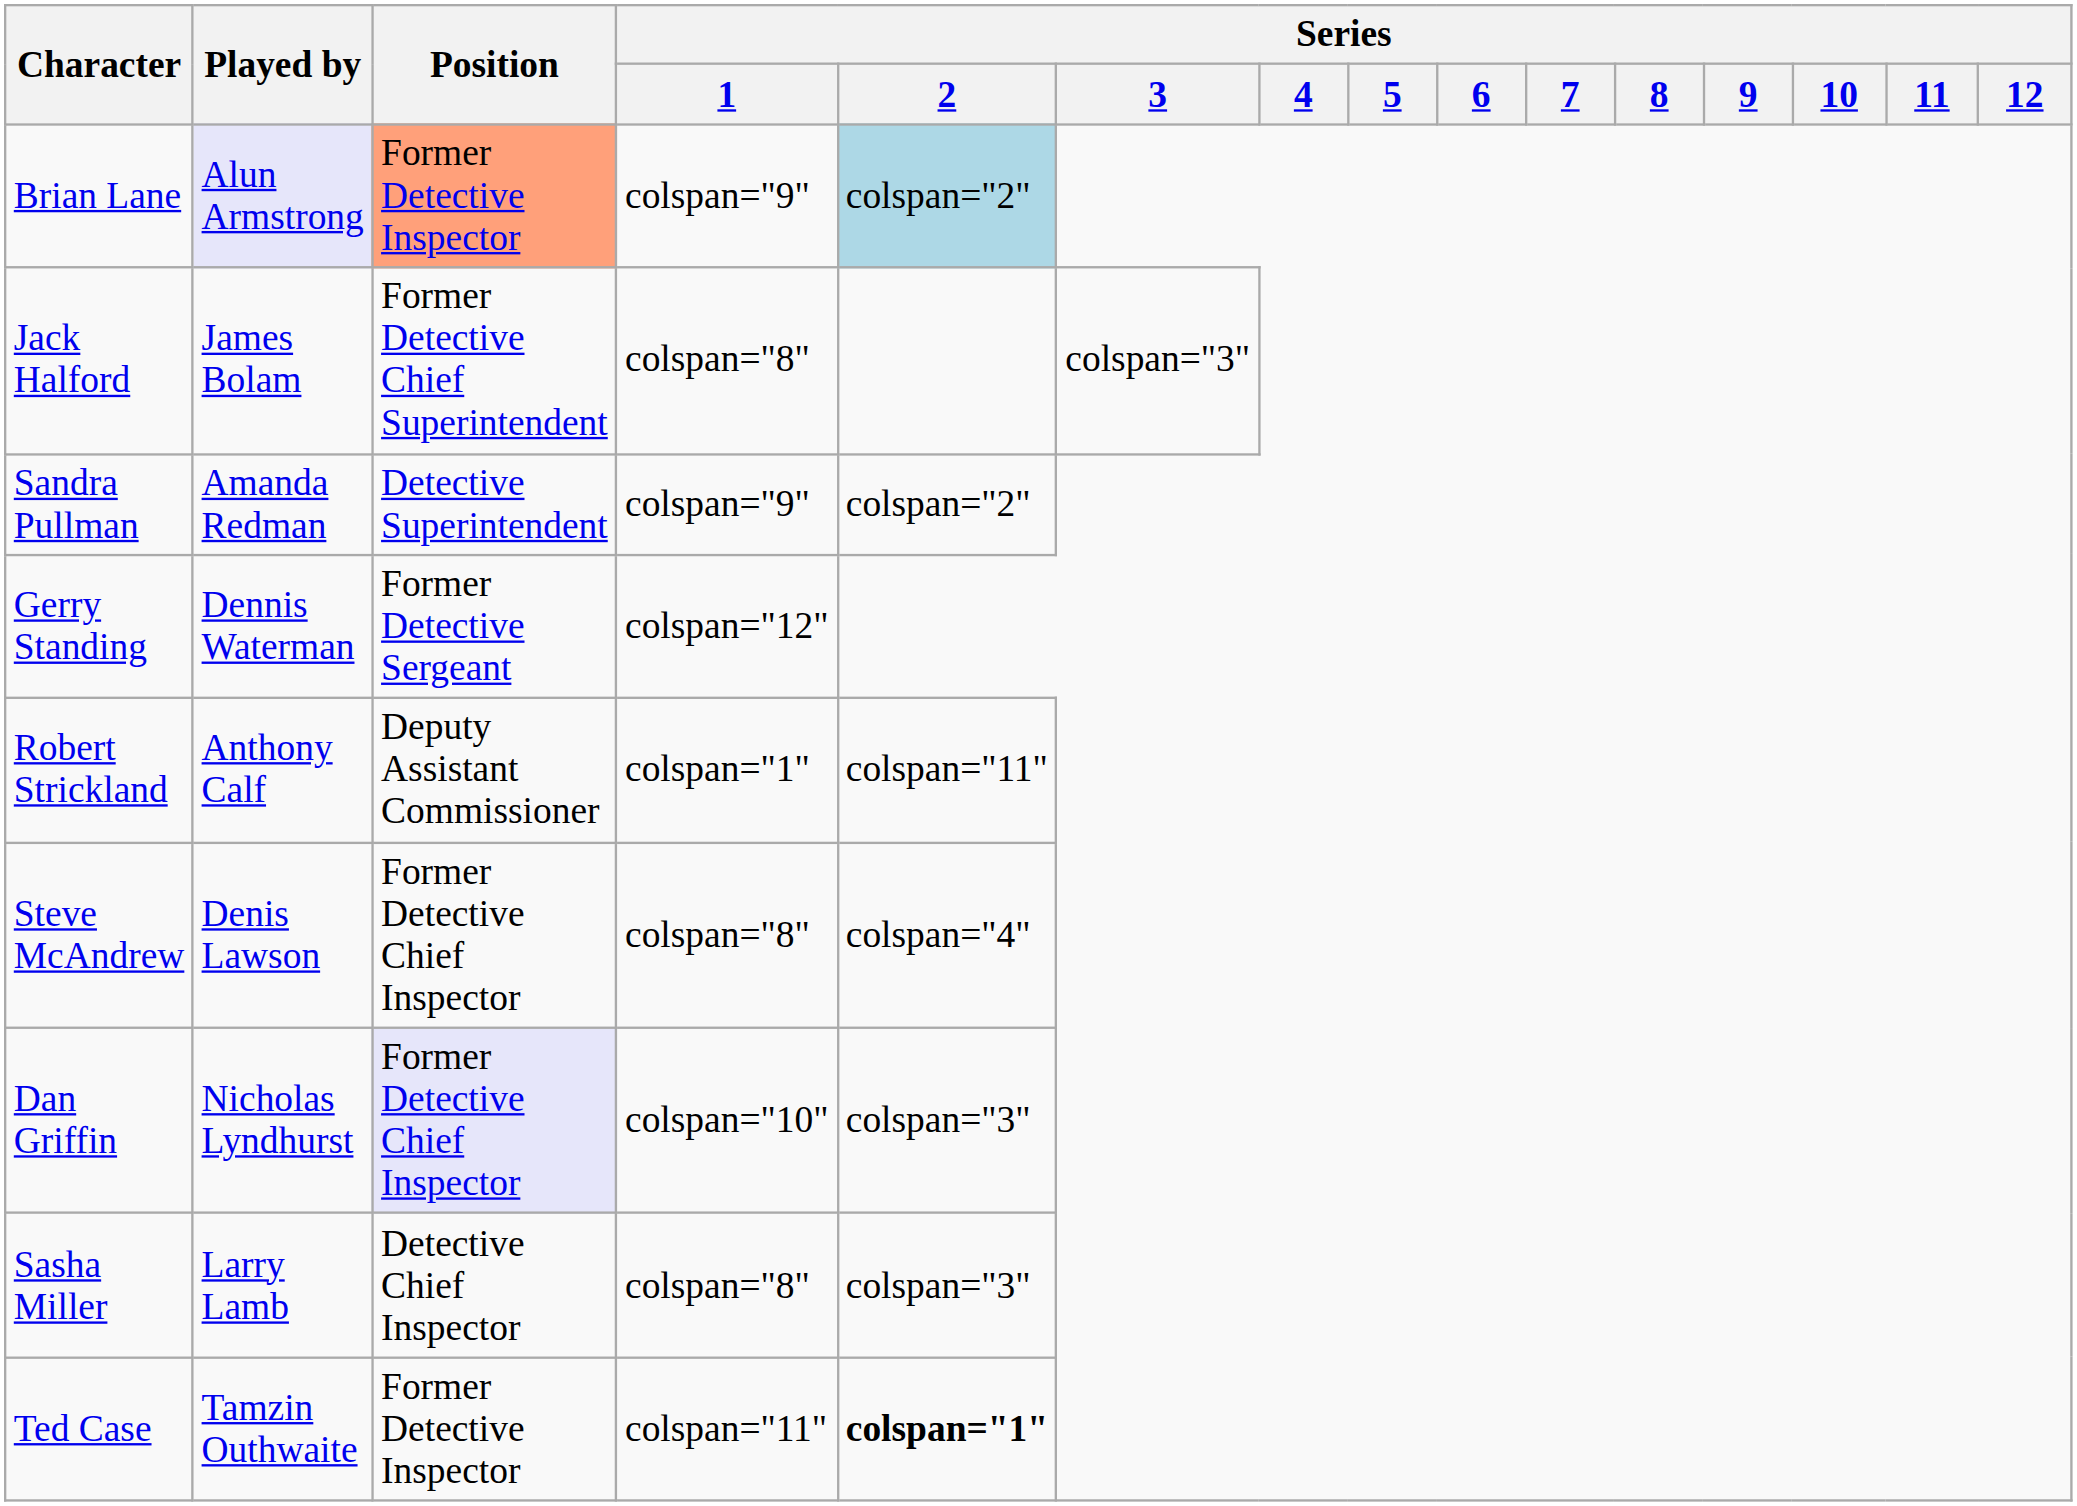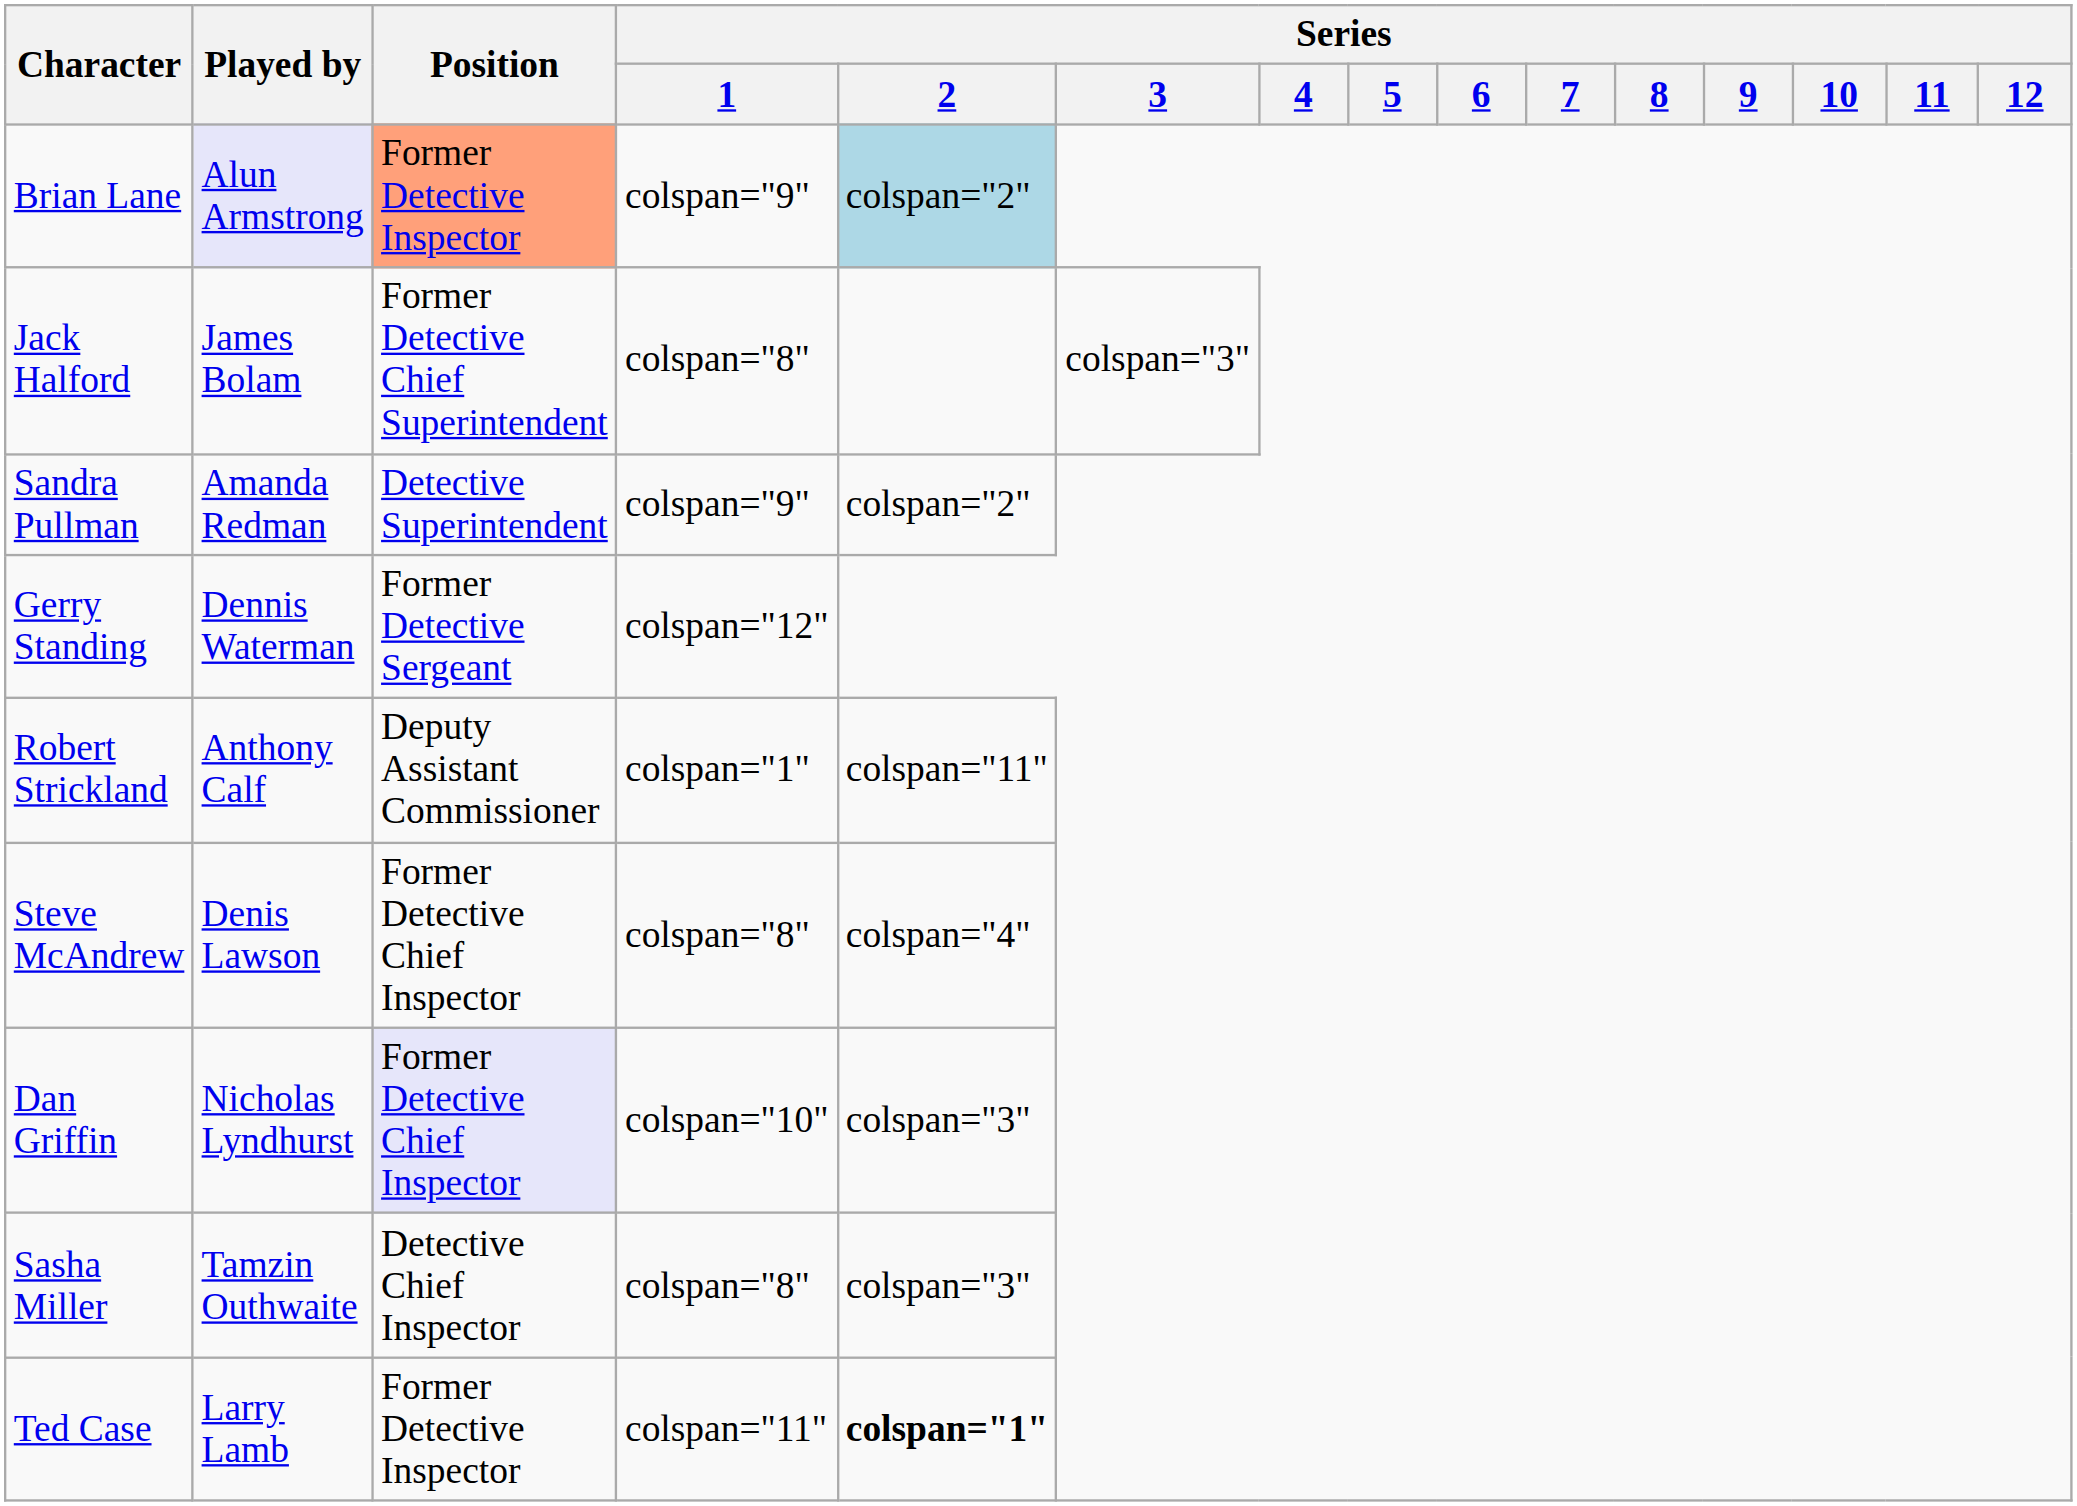 <table class="wikitable" width="100%">
 <tr>
 <th rowspan="2">Character</th>
 <th ! rowspan="2">Played by</th>
 <th ! rowspan="2">Position</th>
 <th ! colspan="12">Series</th>
 </tr>
 <tr>
 <th width="5%"><strong><a href='#'>1</a></strong></th>
 <th width="5%"><a href='#'>2</a></th>
 <th width="5%"><a href='#'>3</a></th>
 <th width="5%"><a href='#'>4</a></th>
 <th width="5%"><a href='#'>5</a></th>
 <th width="5%"><a href='#'>6</a></th>
 <th width="5%"><a href='#'>7</a></th>
 <th width="5%"><a href='#'>8</a></th>
 <th width="5%"><a href='#'>9</a></th>
 <th width="5%"><a href='#'>10</a></th>
 <th width="5%"><a href='#'>11</a></th>
 <th width="5%"><a href='#'>12</a></th>
 </tr>
 <tr>
 <td><a href='#'>Brian Lane</a></td>
 <td style="background: lavender;"><a href='#'>Alun Armstrong</a></td>
 <td style="background: lightsalmon;">Former <a href='#'>Detective Inspector</a></td>
 <td>colspan="9" </td>
 <td style="background: lightblue;">colspan="2" </td>
 </tr>
 <tr>
 <td><a href='#'>Jack Halford</a></td>
 <td><a href='#'>James Bolam</a></td>
 <td>Former <a href='#'>Detective Chief Superintendent</a></td>
 <td>colspan="8" </td>
 <td></td>
 <td>colspan="3" </td>
 </tr>
 <tr>
 <td><a href='#'>Sandra Pullman</a></td>
 <td><a href='#'>Amanda Redman</a></td>
 <td><a href='#'>Detective Superintendent</a></td>
 <td>colspan="9" </td>
 <td>colspan="2" </td>
 </tr>
 <tr>
 <td><a href='#'>Gerry Standing</a></td>
 <td><a href='#'>Dennis Waterman</a></td>
 <td>Former <a href='#'>Detective Sergeant</a></td>
 <td>colspan="12" </td>
 </tr>
 <tr>
 <td><a href='#'>Robert Strickland</a></td>
 <td><a href='#'>Anthony Calf</a></td>
 <td>Deputy Assistant Commissioner</td>
 <td>colspan="1" </td>
 <td>colspan="11" </td>
 </tr>
 <tr>
 <td><a href='#'>Steve McAndrew</a></td>
 <td><a href='#'>Denis Lawson</a></td>
 <td>Former Detective Chief Inspector</td>
 <td>colspan="8" </td>
 <td>colspan="4" </td>
 </tr>
 <tr>
 <td><a href='#'>Dan Griffin</a></td>
 <td><a href='#'>Nicholas Lyndhurst</a></td>
 <td style="background: lavender;">Former <a href='#'>Detective Chief Inspector</a></td>
 <td>colspan="10" </td>
 <td>colspan="3" </td>
 </tr>
 <tr>
 <td><a href='#'>Sasha Miller</a></td>
-<td><a href='#'>Larry Lamb</a></td>
+<td><a href='#'>Tamzin Outhwaite</a></td>
 <td>Detective Chief Inspector</td>
 <td>colspan="8" </td>
 <td>colspan="3" </td>
 </tr>
 <tr>
 <td><a href='#'>Ted Case</a></td>
-<td><a href='#'>Tamzin Outhwaite</a></td>
+<td><a href='#'>Larry Lamb</a></td>
 <td>Former Detective Inspector</td>
 <td>colspan="11" </td>
 <td><strong>colspan="1" </strong></td>
 </tr>
 </table>
